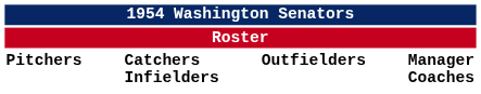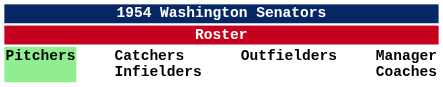 <table class="toccolours" style="font-size: 95%;">
 <tr>
 <th colspan="10" style="background-color: #072764; color: white; text-align: center;">1954 Washington Senators</th>
 </tr>
 <tr>
 <td colspan="10" style="background-color: #c6011f; color: white; text-align: center;"><strong>Roster</strong></td>
 </tr>
 <tr>
-<td valign="top"><strong>Pitchers</strong><br>          </td>
+<td valign="top" style="background: lightgreen;"><strong>Pitchers</strong><br>          </td>
 <td width="25px"></td>
 <td valign="top"><strong>Catchers</strong><br>    <strong>Infielders</strong>          </td>
 <td width="25px"></td>
 <td valign="top"><strong>Outfielders</strong><br>      </td>
 <td width="25px"></td>
 <td valign="top"><strong>Manager</strong><br> <strong>Coaches</strong>    </td>
 </tr>
 <tr>
 </tr>
 </table>
